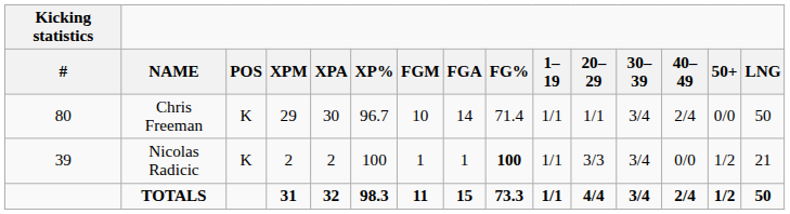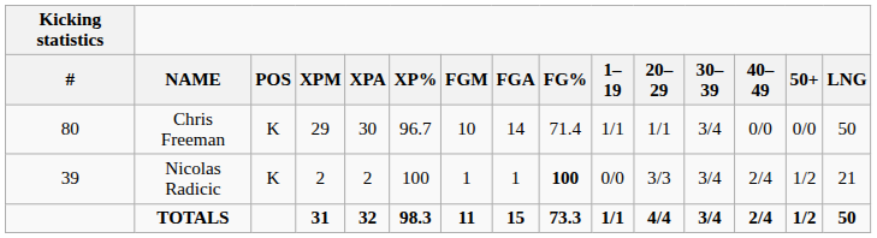 <table style="width:60%; text-align:center;" class="wikitable collapsible collapsed">
 <tr>
 <th style="text-align:center; ">Kicking statistics</th>
 </tr>
 <tr>
 <th>#</th>
 <th>NAME</th>
 <th>POS</th>
 <th>XPM</th>
 <th>XPA</th>
 <th>XP%</th>
 <th>FGM</th>
 <th>FGA</th>
 <th>FG%</th>
 <th>1–19</th>
 <th>20–29</th>
 <th>30–39</th>
 <th>40–49</th>
 <th>50+</th>
 <th>LNG</th>
 </tr>
 <tr>
 <td>80</td>
 <td>Chris Freeman</td>
 <td>K</td>
 <td>29</td>
 <td>30</td>
 <td>96.7</td>
 <td>10</td>
 <td>14</td>
 <td>71.4</td>
 <td>1/1</td>
 <td>1/1</td>
 <td>3/4</td>
-<td>2/4</td>
+<td>0/0</td>
 <td>0/0</td>
 <td>50</td>
 </tr>
 <tr>
 <td>39</td>
 <td>Nicolas Radicic</td>
 <td>K</td>
 <td>2</td>
 <td>2</td>
 <td>100</td>
 <td>1</td>
 <td>1</td>
 <td><strong>100</strong></td>
-<td>1/1</td>
+<td>0/0</td>
 <td>3/3</td>
 <td>3/4</td>
-<td>0/0</td>
+<td>2/4</td>
 <td>1/2</td>
 <td>21</td>
 </tr>
 <tr>
 <td></td>
 <td><strong>TOTALS</strong></td>
 <td></td>
 <td><strong>31</strong></td>
 <td><strong>32</strong></td>
 <td><strong>98.3</strong></td>
 <td><strong>11</strong></td>
 <td><strong>15</strong></td>
 <td><strong>73.3</strong></td>
 <td><strong>1/1</strong></td>
 <td><strong>4/4</strong></td>
 <td><strong>3/4</strong></td>
 <td><strong>2/4</strong></td>
 <td><strong>1/2</strong></td>
 <td><strong>50</strong></td>
 </tr>
 </table>
